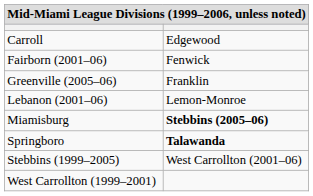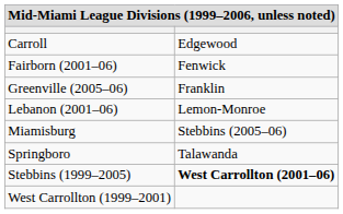 <table class="wikitable">
 <tr style="background:#ccf;">
 <th colspan="4" style="background:#ddd;">Mid-Miami League Divisions (1999–2006, unless noted)</th>
 </tr>
 <tr>
 <th></th>
 <th></th>
 </tr>
 <tr>
 <td>Carroll</td>
 <td>Edgewood</td>
 </tr>
 <tr>
 <td>Fairborn (2001–06)</td>
 <td>Fenwick</td>
 </tr>
 <tr>
 <td>Greenville (2005–06)</td>
 <td>Franklin</td>
 </tr>
 <tr>
 <td>Lebanon (2001–06)</td>
 <td>Lemon-Monroe</td>
 </tr>
 <tr>
 <td>Miamisburg</td>
-<td><strong>Stebbins (2005–06)</strong></td>
+<td>Stebbins (2005–06)</td>
 </tr>
 <tr>
 <td>Springboro</td>
-<td><strong>Talawanda</strong></td>
+<td>Talawanda</td>
 </tr>
 <tr>
 <td>Stebbins (1999–2005)</td>
-<td>West Carrollton (2001–06)</td>
+<td><strong>West Carrollton (2001–06)</strong></td>
 </tr>
 <tr>
 <td>West Carrollton (1999–2001)</td>
 <td></td>
 </tr>
 </table>
